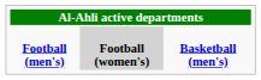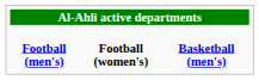 <table class="infobox" style="width: 20em; font-size: 95%em;">
 <tr style="color:white; background:green; text-align:center;">
 <th colspan="3" style="text-align: center">Al-Ahli active departments</th>
 </tr>
 <tr style="text-align: center">
 <td><br><strong><a href='#'>Football<br>(men's)</a></strong></td>
-<td style="background: lightgrey;"><br><strong>Football<br>(women's)</strong></td>
+<td><br><strong>Football<br>(women's)</strong></td>
 <td><br><strong><a href='#'>Basketball<br>(men's)</a></strong></td>
 </tr>
 </table>
